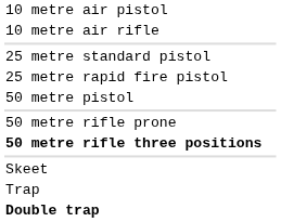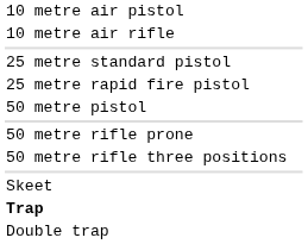 <table>
 <tr>
 <td>10 metre air pistol<br></td>
 <td></td>
 <td></td>
 <td></td>
 </tr>
 <tr>
 <td>10 metre air rifle<br></td>
 <td></td>
 <td></td>
 <td></td>
 </tr>
 <tr bgcolor=#DDDDDD>
 <td colspan=7></td>
 </tr>
 <tr>
 <td>25 metre standard pistol<br></td>
 <td></td>
 <td></td>
 <td></td>
 </tr>
 <tr>
 <td>25 metre rapid fire pistol<br></td>
 <td></td>
 <td></td>
 <td></td>
 </tr>
 <tr>
 <td>50 metre pistol<br></td>
 <td></td>
 <td></td>
 <td></td>
 </tr>
 <tr bgcolor=#DDDDDD>
 <td colspan=7></td>
 </tr>
 <tr>
 <td>50 metre rifle prone<br></td>
 <td></td>
 <td></td>
 <td></td>
 </tr>
 <tr>
-<td><strong>50 metre rifle three positions<br></strong></td>
+<td>50 metre rifle three positions<br></td>
 <td></td>
 <td></td>
 <td></td>
 </tr>
 <tr bgcolor=#DDDDDD>
 <td colspan=7></td>
 </tr>
 <tr>
 <td>Skeet<br></td>
 <td></td>
 <td></td>
 <td></td>
 </tr>
 <tr>
-<td>Trap<br></td>
+<td><strong>Trap<br></strong></td>
 <td></td>
 <td></td>
 <td></td>
 </tr>
 <tr>
-<td><strong>Double trap<br></strong></td>
+<td>Double trap<br></td>
 <td></td>
 <td></td>
 <td></td>
 </tr>
 </table>
